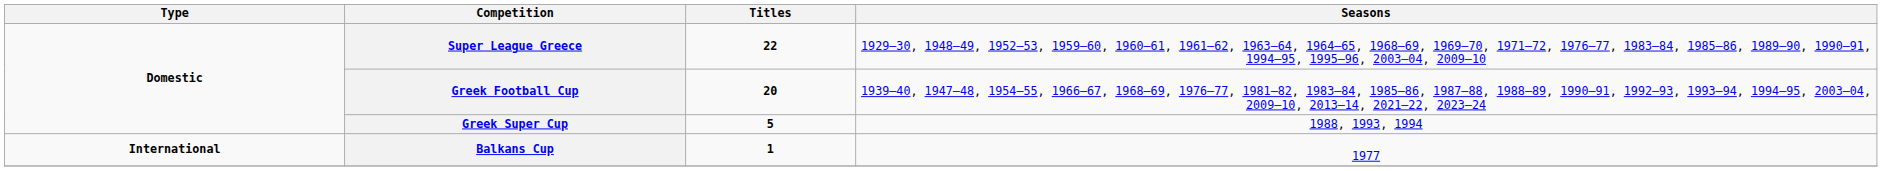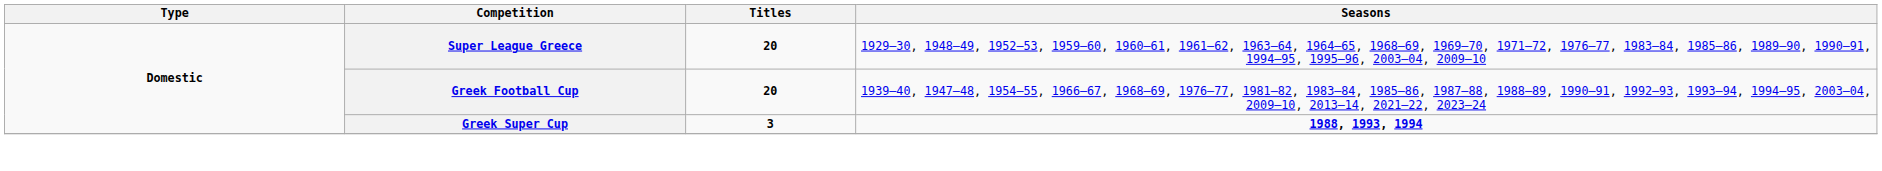 <table class="wikitable plainrowheaders" style="font-size:95%; text-align:center;">
 <tr>
 <th style="width: 10%;">Type</th>
 <th style="width: 10%;">Competition</th>
 <th style="width: 5%;">Titles</th>
 <th style="width: 30%;">Seasons</th>
 </tr>
 <tr>
 <td rowspan="3"><strong>Domestic</strong></td>
 <th scope=col><a href='#'>Super League Greece</a></th>
-<td><strong>22</strong></td>
+<td><strong>20</strong></td>
 <td><br><a href='#'>1929–30</a>,  <a href='#'>1948–49</a>,  <a href='#'>1952–53</a>,  <a href='#'>1959–60</a>, <a href='#'>1960–61</a>, <a href='#'>1961–62</a>, <a href='#'>1963–64</a>, <a href='#'>1964–65</a>, <a href='#'>1968–69</a>, <a href='#'>1969–70</a>, <a href='#'>1971–72</a>, <a href='#'>1976–77</a>, <a href='#'>1983–84</a>, <a href='#'>1985–86</a>, <a href='#'>1989–90</a>, <a href='#'>1990–91</a>, <a href='#'>1994–95</a>, <a href='#'>1995–96</a>, <a href='#'>2003–04</a>, <a href='#'>2009–10</a></td>
 </tr>
 <tr>
 <th scope="col"><a href='#'>Greek Football Cup</a></th>
 <td><strong>20</strong></td>
 <td><br><a href='#'>1939–40</a>, <a href='#'>1947–48</a>,  <a href='#'>1954–55</a>,  <a href='#'>1966–67</a>,  <a href='#'>1968–69</a>,  <a href='#'>1976–77</a>,  <a href='#'>1981–82</a>,  <a href='#'>1983–84</a>,  <a href='#'>1985–86</a>,  <a href='#'>1987–88</a>,  <a href='#'>1988–89</a>,  <a href='#'>1990–91</a>,  <a href='#'>1992–93</a>,  <a href='#'>1993–94</a>,  <a href='#'>1994–95</a>,  <a href='#'>2003–04</a>,  <a href='#'>2009–10</a>,  <a href='#'>2013–14</a>,  <a href='#'>2021–22</a>,  <a href='#'>2023–24</a></td>
 </tr>
 <tr>
 <th scope=col><a href='#'>Greek Super Cup</a></th>
-<td><strong>5</strong></td>
-<td><a href='#'>1988</a>, <a href='#'>1993</a>, <a href='#'>1994</a></td>
-</tr>
-<tr>
-<td><strong>International</strong></td>
-<th scope="col"><a href='#'>Balkans Cup</a></th>
-<td><strong>1</strong></td>
-<td><br><a href='#'>1977</a></td>
+<td><strong>3</strong></td>
+<td><strong><a href='#'>1988</a>, <a href='#'>1993</a>, <a href='#'>1994</a></strong></td>
 </tr>
 <tr>
 </tr>
 </table>
